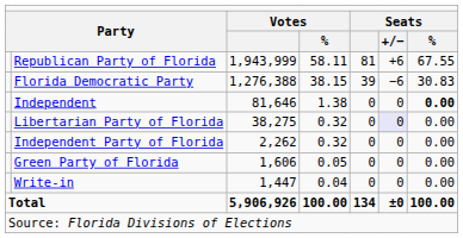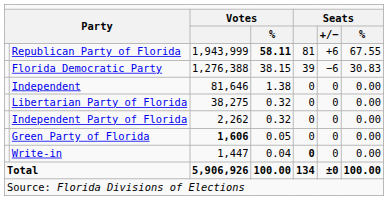 <table class="wikitable">
 <tr>
 <td colspan="7"></td>
 </tr>
 <tr>
 <th colspan="2" rowspan="2">Party</th>
 <th colspan="2">Votes</th>
 <th colspan="3">Seats</th>
 </tr>
 <tr>
 <th></th>
 <th>%</th>
 <th></th>
 <th>+/−</th>
 <th>%</th>
 </tr>
 <tr>
 <td style="background-color:"></td>
 <td><a href='#'>Republican Party of Florida</a></td>
 <td align="right">1,943,999</td>
-<td align="right">58.11</td>
+<td align="right"><strong>58.11</strong></td>
 <td align="right">81</td>
 <td align="right">+6</td>
 <td align="right">67.55</td>
 </tr>
 <tr>
 <td style="background-color:"></td>
 <td><a href='#'>Florida Democratic Party</a></td>
 <td align="right">1,276,388</td>
 <td align="right">38.15</td>
 <td align="right">39</td>
 <td align="right">−6</td>
 <td align="right">30.83</td>
 </tr>
 <tr>
 <td style="background-color:"></td>
 <td><a href='#'>Independent</a></td>
 <td align="right">81,646</td>
 <td align="right">1.38</td>
 <td align="right">0</td>
 <td align="right">0</td>
-<td align="right"><strong>0.00</strong></td>
+<td align="right">0.00</td>
 </tr>
 <tr>
 <td style="background-color:"></td>
 <td><a href='#'>Libertarian Party of Florida</a></td>
 <td align="right">38,275</td>
 <td align="right">0.32</td>
 <td align="right">0</td>
-<td align="right" style="background: lavender;">0</td>
+<td align="right">0</td>
 <td align="right">0.00</td>
 </tr>
 <tr>
 <td style="background-color:"></td>
 <td><a href='#'>Independent Party of Florida</a></td>
 <td align="right">2,262</td>
 <td align="right">0.32</td>
 <td align="right">0</td>
 <td align="right">0</td>
 <td align="right">0.00</td>
 </tr>
 <tr>
 <td style="background-color:"></td>
 <td><a href='#'>Green Party of Florida</a></td>
-<td align="right">1,606</td>
+<td align="right"><strong>1,606</strong></td>
 <td align="right">0.05</td>
 <td align="right">0</td>
 <td align="right">0</td>
 <td align="right">0.00</td>
 </tr>
 <tr>
 <td style="background-color:"></td>
 <td><a href='#'>Write-in</a></td>
 <td align="right">1,447</td>
 <td align="right">0.04</td>
-<td align="right">0</td>
+<td align="right"><strong>0</strong></td>
 <td align="right">0</td>
 <td align="right">0.00</td>
 </tr>
 <tr>
 <td colspan="2"><strong>Total</strong></td>
 <td align="right"><strong>5,906,926</strong></td>
 <td align="right"><strong>100.00</strong></td>
 <td align="right"><strong>134</strong></td>
 <td align="right"><strong>±0</strong></td>
 <td align="right"><strong>100.00</strong></td>
 </tr>
 <tr>
 <td colspan="7">Source: <em>Florida Divisions of Elections</em></td>
 </tr>
 </table>
